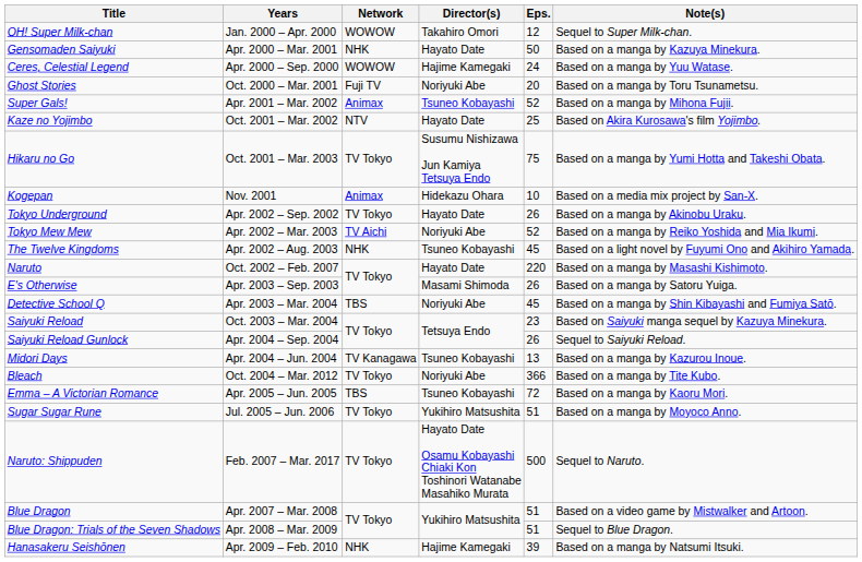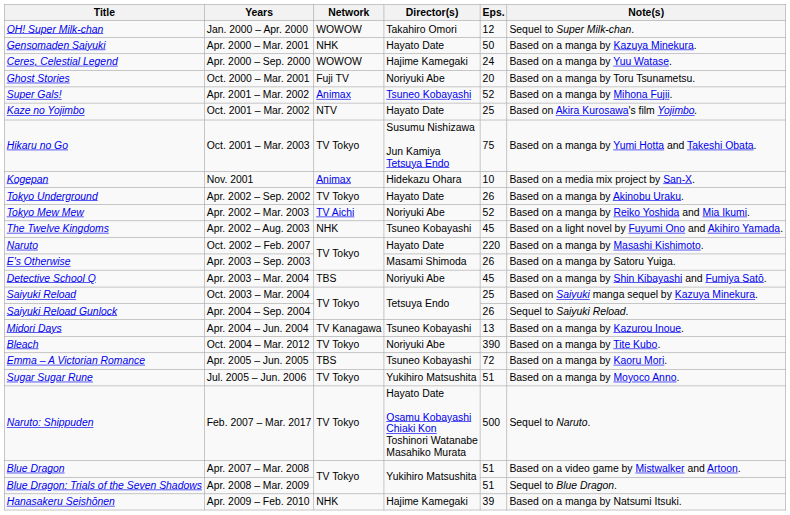 <table class="wikitable sortable">
 <tr>
 <th>Title</th>
 <th>Years</th>
 <th>Network</th>
 <th>Director(s)</th>
 <th>Eps.</th>
 <th>Note(s)</th>
 </tr>
 <tr>
 <td><em><a href='#'>OH! Super Milk-chan</a></em></td>
 <td>Jan. 2000 – Apr. 2000</td>
 <td>WOWOW</td>
 <td>Takahiro Omori</td>
 <td>12</td>
 <td>Sequel to <em>Super Milk-chan</em>.</td>
 </tr>
 <tr>
 <td><em><a href='#'>Gensomaden Saiyuki</a></em></td>
 <td>Apr. 2000 – Mar. 2001</td>
 <td>NHK</td>
 <td>Hayato Date</td>
 <td>50</td>
 <td>Based on a manga by <a href='#'>Kazuya Minekura</a>.</td>
 </tr>
 <tr>
 <td><em><a href='#'>Ceres, Celestial Legend</a></em></td>
 <td>Apr. 2000 – Sep. 2000</td>
 <td>WOWOW</td>
 <td>Hajime Kamegaki</td>
 <td>24</td>
 <td>Based on a manga by <a href='#'>Yuu Watase</a>.</td>
 </tr>
 <tr>
 <td><em><a href='#'>Ghost Stories</a></em></td>
 <td>Oct. 2000 – Mar. 2001</td>
 <td>Fuji TV</td>
 <td>Noriyuki Abe</td>
 <td>20</td>
 <td>Based on a manga by Toru Tsunametsu.</td>
 </tr>
 <tr>
 <td><em><a href='#'>Super Gals!</a></em></td>
 <td>Apr. 2001 – Mar. 2002</td>
 <td><a href='#'>Animax</a></td>
 <td><a href='#'>Tsuneo Kobayashi</a></td>
 <td>52</td>
 <td>Based on a manga by <a href='#'>Mihona Fujii</a>.</td>
 </tr>
 <tr>
 <td><em><a href='#'>Kaze no Yojimbo</a></em></td>
 <td>Oct. 2001 – Mar. 2002</td>
 <td>NTV</td>
 <td>Hayato Date</td>
 <td>25</td>
 <td>Based on <a href='#'>Akira Kurosawa</a>'s film <em><a href='#'>Yojimbo</a>.</em></td>
 </tr>
 <tr>
 <td><em><a href='#'>Hikaru no Go</a></em></td>
 <td>Oct. 2001 – Mar. 2003</td>
 <td>TV Tokyo</td>
 <td>Susumu Nishizawa <br><br>Jun Kamiya <br> <a href='#'>Tetsuya Endo</a> </td>
 <td>75</td>
 <td>Based on a manga by <a href='#'>Yumi Hotta</a> and <a href='#'>Takeshi Obata</a>.</td>
 </tr>
 <tr>
 <td><em><a href='#'>Kogepan</a></em></td>
 <td>Nov. 2001</td>
 <td><a href='#'>Animax</a></td>
 <td>Hidekazu Ohara</td>
 <td>10</td>
 <td>Based on a media mix project by <a href='#'>San-X</a>.</td>
 </tr>
 <tr>
 <td><em><a href='#'>Tokyo Underground</a></em></td>
 <td>Apr. 2002 – Sep. 2002</td>
 <td>TV Tokyo</td>
 <td>Hayato Date</td>
 <td>26</td>
 <td>Based on a manga by <a href='#'>Akinobu Uraku</a>.</td>
 </tr>
 <tr>
 <td><em><a href='#'>Tokyo Mew Mew</a></em></td>
 <td>Apr. 2002 – Mar. 2003</td>
 <td><a href='#'>TV Aichi</a></td>
 <td>Noriyuki Abe</td>
 <td>52</td>
 <td>Based on a manga by <a href='#'>Reiko Yoshida</a> and <a href='#'>Mia Ikumi</a>.</td>
 </tr>
 <tr>
 <td><em><a href='#'>The Twelve Kingdoms</a></em></td>
 <td>Apr. 2002 – Aug. 2003</td>
 <td>NHK</td>
 <td>Tsuneo Kobayashi</td>
 <td>45</td>
 <td>Based on a light novel by <a href='#'>Fuyumi Ono</a> and <a href='#'>Akihiro Yamada</a>.</td>
 </tr>
 <tr>
 <td><em><a href='#'>Naruto</a></em></td>
 <td>Oct. 2002 – Feb. 2007</td>
 <td rowspan="2">TV Tokyo</td>
 <td>Hayato Date</td>
 <td>220</td>
 <td>Based on a manga by <a href='#'>Masashi Kishimoto</a>.</td>
 </tr>
 <tr>
 <td><em><a href='#'>E's Otherwise</a></em></td>
 <td>Apr. 2003 – Sep. 2003</td>
 <td>Masami Shimoda</td>
 <td>26</td>
 <td>Based on a manga by Satoru Yuiga.</td>
 </tr>
 <tr>
 <td><em><a href='#'>Detective School Q</a></em></td>
 <td>Apr. 2003 – Mar. 2004</td>
 <td>TBS</td>
 <td>Noriyuki Abe</td>
 <td>45</td>
 <td>Based on a manga by <a href='#'>Shin Kibayashi</a> and <a href='#'>Fumiya Satō</a>.</td>
 </tr>
 <tr>
 <td><em><a href='#'>Saiyuki Reload</a></em></td>
 <td>Oct. 2003 – Mar. 2004</td>
 <td rowspan="2">TV Tokyo</td>
 <td rowspan="2">Tetsuya Endo</td>
-<td>23</td>
+<td>25</td>
 <td>Based on <a href='#'><em>Saiyuki</em></a> manga sequel by <a href='#'>Kazuya Minekura</a>.</td>
 </tr>
 <tr>
 <td><em><a href='#'>Saiyuki Reload Gunlock</a></em></td>
 <td>Apr. 2004 – Sep. 2004</td>
 <td>26</td>
 <td>Sequel to <em>Saiyuki Reload</em>.</td>
 </tr>
 <tr>
 <td><em><a href='#'>Midori Days</a></em></td>
 <td>Apr. 2004 – Jun. 2004</td>
 <td>TV Kanagawa</td>
 <td>Tsuneo Kobayashi</td>
 <td>13</td>
 <td>Based on a manga by <a href='#'>Kazurou Inoue</a>.</td>
 </tr>
 <tr>
 <td><em><a href='#'>Bleach</a></em></td>
 <td>Oct. 2004 – Mar. 2012</td>
 <td>TV Tokyo</td>
 <td>Noriyuki Abe</td>
-<td>366</td>
+<td>390</td>
 <td>Based on a manga by <a href='#'>Tite Kubo</a>.</td>
 </tr>
 <tr>
 <td><em><a href='#'>Emma – A Victorian Romance</a></em></td>
 <td>Apr. 2005 – Jun. 2005</td>
 <td>TBS</td>
 <td>Tsuneo Kobayashi</td>
 <td>72</td>
 <td>Based on a manga by <a href='#'>Kaoru Mori</a>.</td>
 </tr>
 <tr>
 <td><em><a href='#'>Sugar Sugar Rune</a></em></td>
 <td>Jul. 2005 – Jun. 2006</td>
 <td>TV Tokyo</td>
 <td>Yukihiro Matsushita</td>
 <td>51</td>
 <td>Based on a manga by <a href='#'>Moyoco Anno</a>.</td>
 </tr>
 <tr>
 <td><em><a href='#'>Naruto: Shippuden</a></em></td>
 <td>Feb. 2007 – Mar. 2017</td>
 <td>TV Tokyo</td>
 <td>Hayato Date <br><br><a href='#'>Osamu Kobayashi</a> <br> <a href='#'>Chiaki Kon</a> <br> Toshinori Watanabe <br> Masahiko Murata </td>
 <td>500</td>
 <td>Sequel to <em>Naruto</em>.</td>
 </tr>
 <tr>
 <td><em><a href='#'>Blue Dragon</a></em></td>
 <td>Apr. 2007 – Mar. 2008</td>
 <td rowspan="2">TV Tokyo</td>
 <td rowspan="2">Yukihiro Matsushita</td>
 <td>51</td>
 <td>Based on a video game by <a href='#'>Mistwalker</a> and <a href='#'>Artoon</a>.</td>
 </tr>
 <tr>
 <td><em><a href='#'>Blue Dragon: Trials of the Seven Shadows</a></em></td>
 <td>Apr. 2008 – Mar. 2009</td>
 <td>51</td>
 <td>Sequel to <em>Blue Dragon</em>.</td>
 </tr>
 <tr>
 <td><em><a href='#'>Hanasakeru Seishōnen</a></em></td>
 <td>Apr. 2009 – Feb. 2010</td>
 <td>NHK</td>
 <td>Hajime Kamegaki</td>
 <td>39</td>
 <td>Based on a manga by Natsumi Itsuki.</td>
 </tr>
 </table>
